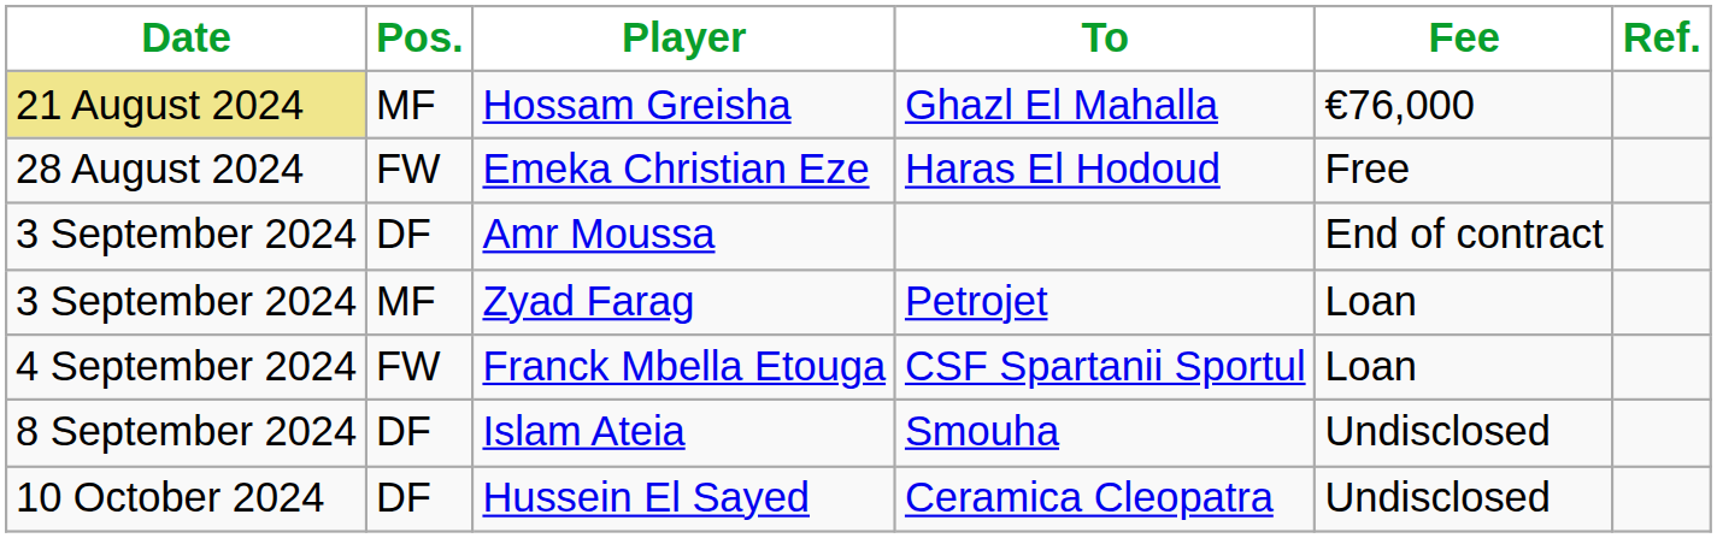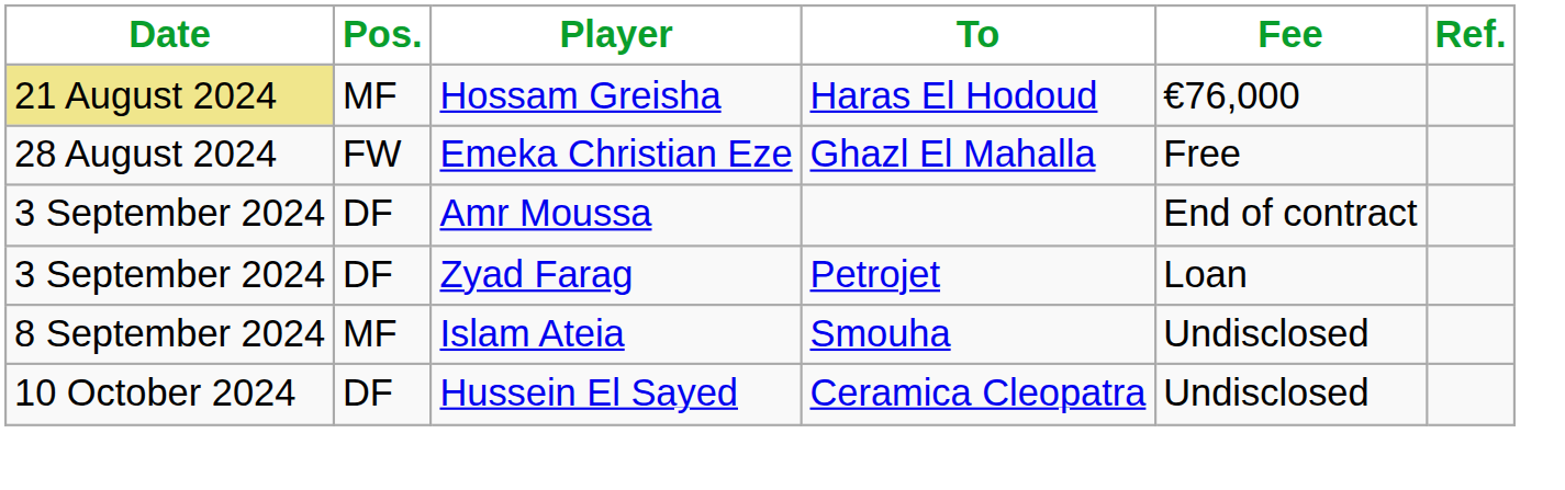 <table class="wikitable plainrowheaders sortable">
 <tr>
 <th style="background:#ffffff; color:#099e2c; ">Date</th>
 <th style="background:#ffffff; color:#099e2c; ">Pos.</th>
 <th style="background:#ffffff; color:#099e2c; ">Player</th>
 <th style="background:#ffffff; color:#099e2c; ">To</th>
 <th style="background:#ffffff; color:#099e2c; ">Fee</th>
 <th style="background:#ffffff; color:#099e2c; ">Ref.</th>
 </tr>
 <tr>
 <td style="background: khaki;">21 August 2024</td>
 <td>MF</td>
 <td> <a href='#'>Hossam Greisha</a></td>
-<td> <a href='#'>Ghazl El Mahalla</a></td>
+<td> <a href='#'>Haras El Hodoud</a></td>
 <td>€76,000</td>
 <td></td>
 </tr>
 <tr>
 <td>28 August 2024</td>
 <td>FW</td>
 <td> <a href='#'>Emeka Christian Eze</a></td>
-<td> <a href='#'>Haras El Hodoud</a></td>
+<td> <a href='#'>Ghazl El Mahalla</a></td>
 <td>Free</td>
 <td></td>
 </tr>
 <tr>
 <td>3 September 2024</td>
 <td>DF</td>
 <td> <a href='#'>Amr Moussa</a></td>
 <td></td>
 <td>End of contract</td>
 <td></td>
 </tr>
 <tr>
 <td>3 September 2024</td>
-<td>MF</td>
+<td>DF</td>
 <td> <a href='#'>Zyad Farag</a></td>
 <td> <a href='#'>Petrojet</a></td>
 <td>Loan</td>
 <td></td>
 </tr>
 <tr>
-<td>4 September 2024</td>
-<td>FW</td>
-<td> <a href='#'>Franck Mbella Etouga</a></td>
-<td> <a href='#'>CSF Spartanii Sportul</a></td>
-<td>Loan</td>
-<td></td>
-</tr>
-<tr>
 <td>8 September 2024</td>
-<td>DF</td>
+<td>MF</td>
 <td> <a href='#'>Islam Ateia</a></td>
 <td> <a href='#'>Smouha</a></td>
 <td>Undisclosed</td>
 <td></td>
 </tr>
 <tr>
 <td>10 October 2024</td>
 <td>DF</td>
 <td> <a href='#'>Hussein El Sayed</a></td>
 <td> <a href='#'>Ceramica Cleopatra</a></td>
 <td>Undisclosed</td>
 <td></td>
 </tr>
 </table>
